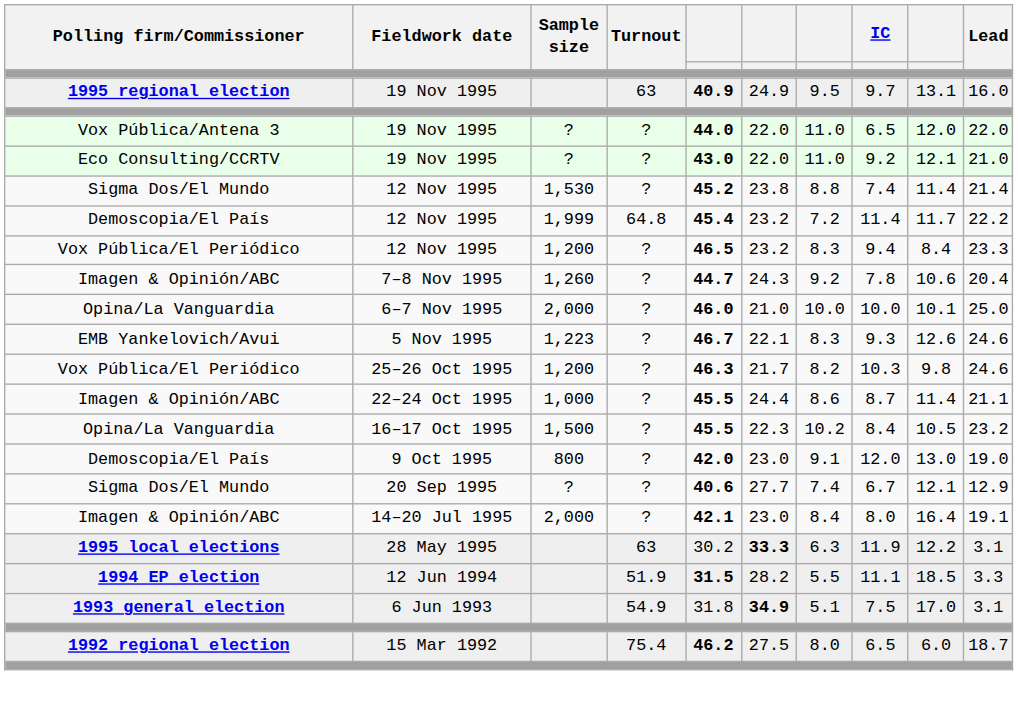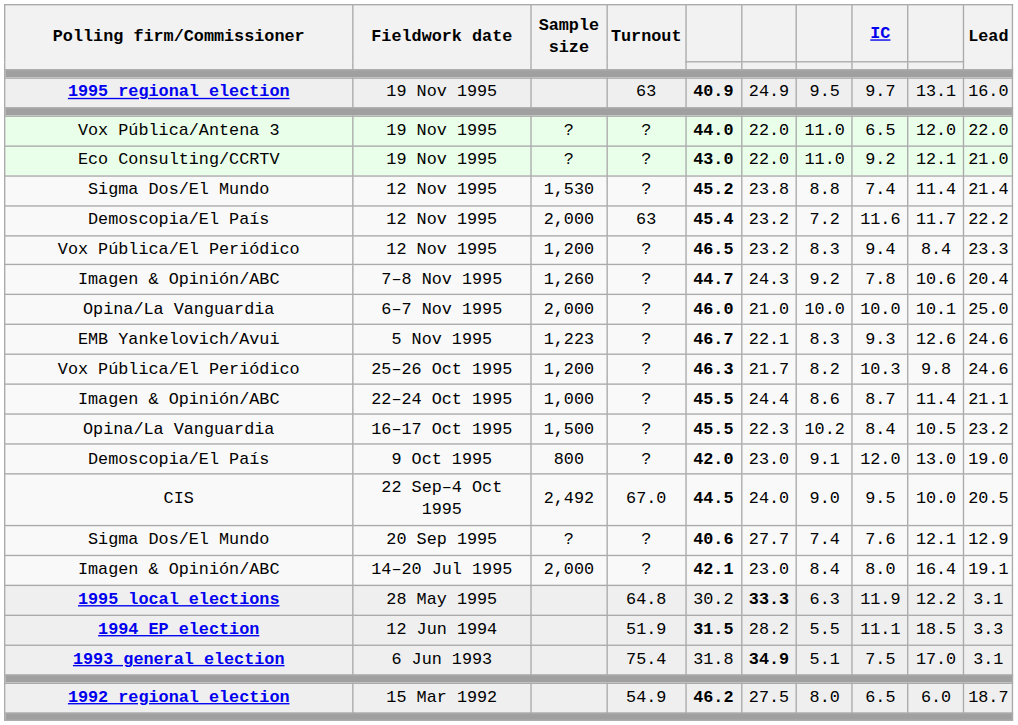 <table class="wikitable collapsible collapsed" style="text-align:center; font-size:95%; line-height:16px;">
 <tr style="height:42px;">
 <th style="width:250px;" rowspan="2">Polling firm/Commissioner</th>
 <th style="width:125px;" rowspan="2">Fieldwork date</th>
 <th style="width:50px;" rowspan="2">Sample size</th>
 <th style="width:45px;" rowspan="2">Turnout</th>
 <th style="width:35px;"></th>
 <th style="width:35px;"></th>
 <th style="width:35px;"></th>
 <th style="width:35px;"><a href='#'>IC</a></th>
 <th style="width:35px;"></th>
 <th style="width:30px;" rowspan="2">Lead</th>
 </tr>
 <tr>
 <th style="color:inherit;background:"></th>
 <th style="color:inherit;background:"></th>
 <th style="color:inherit;background:"></th>
 <th style="color:inherit;background:"></th>
 <th style="color:inherit;background:"></th>
 </tr>
 <tr>
 <td colspan="10" style="background:#A0A0A0"></td>
 </tr>
 <tr style="background:#EFEFEF;">
 <td><strong><a href='#'>1995 regional election</a></strong></td>
 <td>19 Nov 1995</td>
 <td></td>
 <td>63</td>
 <td><strong>40.9</strong><br></td>
 <td>24.9<br></td>
 <td>9.5<br></td>
 <td>9.7<br></td>
 <td>13.1<br></td>
 <td style="background:">16.0</td>
 </tr>
 <tr>
 <td colspan="10" style="background:#A0A0A0"></td>
 </tr>
 <tr style="background:#EAFFEA;">
 <td>Vox Pública/Antena 3</td>
 <td>19 Nov 1995</td>
 <td>?</td>
 <td>?</td>
 <td><strong>44.0</strong><br></td>
 <td>22.0<br></td>
 <td>11.0<br></td>
 <td>6.5<br></td>
 <td>12.0<br></td>
 <td style="background:">22.0</td>
 </tr>
 <tr style="background:#EAFFEA;">
 <td>Eco Consulting/CCRTV</td>
 <td>19 Nov 1995</td>
 <td>?</td>
 <td>?</td>
 <td><strong>43.0</strong><br></td>
 <td>22.0<br></td>
 <td>11.0<br></td>
 <td>9.2<br></td>
 <td>12.1<br></td>
 <td style="background:">21.0</td>
 </tr>
 <tr>
 <td>Sigma Dos/El Mundo</td>
 <td>12 Nov 1995</td>
 <td>1,530</td>
 <td>?</td>
 <td><strong>45.2</strong><br></td>
 <td>23.8<br></td>
 <td>8.8<br></td>
 <td>7.4<br></td>
 <td>11.4<br></td>
 <td style="background:">21.4</td>
 </tr>
 <tr>
 <td>Demoscopia/El País</td>
 <td>12 Nov 1995</td>
-<td>1,999</td>
-<td>64.8</td>
+<td>2,000</td>
+<td>63</td>
 <td><strong>45.4</strong><br></td>
 <td>23.2<br></td>
 <td>7.2<br></td>
-<td>11.4<br></td>
+<td>11.6<br></td>
 <td>11.7<br></td>
 <td style="background:">22.2</td>
 </tr>
 <tr>
 <td>Vox Pública/El Periódico</td>
 <td>12 Nov 1995</td>
 <td>1,200</td>
 <td>?</td>
 <td><strong>46.5</strong><br></td>
 <td>23.2<br></td>
 <td>8.3<br></td>
 <td>9.4<br></td>
 <td>8.4<br></td>
 <td style="background:">23.3</td>
 </tr>
 <tr>
 <td>Imagen & Opinión/ABC</td>
 <td>7–8 Nov 1995</td>
 <td>1,260</td>
 <td>?</td>
 <td><strong>44.7</strong><br></td>
 <td>24.3<br></td>
 <td>9.2<br></td>
 <td>7.8<br></td>
 <td>10.6<br></td>
 <td style="background:">20.4</td>
 </tr>
 <tr>
 <td>Opina/La Vanguardia</td>
 <td>6–7 Nov 1995</td>
 <td>2,000</td>
 <td>?</td>
 <td><strong>46.0</strong><br></td>
 <td>21.0<br></td>
 <td>10.0<br></td>
 <td>10.0<br></td>
 <td>10.1<br></td>
 <td style="background:">25.0</td>
 </tr>
 <tr>
 <td>EMB Yankelovich/Avui</td>
 <td>5 Nov 1995</td>
 <td>1,223</td>
 <td>?</td>
 <td><strong>46.7</strong><br></td>
 <td>22.1<br></td>
 <td>8.3<br></td>
 <td>9.3<br></td>
 <td>12.6<br></td>
 <td style="background:">24.6</td>
 </tr>
 <tr>
 <td>Vox Pública/El Periódico</td>
 <td>25–26 Oct 1995</td>
 <td>1,200</td>
 <td>?</td>
 <td><strong>46.3</strong><br></td>
 <td>21.7<br></td>
 <td>8.2<br></td>
 <td>10.3<br></td>
 <td>9.8<br></td>
 <td style="background:">24.6</td>
 </tr>
 <tr>
 <td>Imagen & Opinión/ABC</td>
 <td>22–24 Oct 1995</td>
 <td>1,000</td>
 <td>?</td>
 <td><strong>45.5</strong><br></td>
 <td>24.4<br></td>
 <td>8.6<br></td>
 <td>8.7<br></td>
 <td>11.4<br></td>
 <td style="background:">21.1</td>
 </tr>
 <tr>
 <td>Opina/La Vanguardia</td>
 <td>16–17 Oct 1995</td>
 <td>1,500</td>
 <td>?</td>
 <td><strong>45.5</strong><br></td>
 <td>22.3<br></td>
 <td>10.2<br></td>
 <td>8.4<br></td>
 <td>10.5<br></td>
 <td style="background:">23.2</td>
 </tr>
 <tr>
 <td>Demoscopia/El País</td>
 <td>9 Oct 1995</td>
 <td>800</td>
 <td>?</td>
 <td><strong>42.0</strong><br></td>
 <td>23.0<br></td>
 <td>9.1<br></td>
 <td>12.0<br></td>
 <td>13.0<br></td>
 <td style="background:">19.0</td>
 </tr>
 <tr>
+<td>CIS</td>
+<td>22 Sep–4 Oct 1995</td>
+<td>2,492</td>
+<td>67.0</td>
+<td><strong>44.5</strong><br></td>
+<td>24.0<br></td>
+<td>9.0<br></td>
+<td>9.5<br></td>
+<td>10.0<br></td>
+<td style="background:">20.5</td>
+</tr>
+<tr>
 <td>Sigma Dos/El Mundo</td>
 <td>20 Sep 1995</td>
 <td>?</td>
 <td>?</td>
 <td><strong>40.6</strong><br></td>
 <td>27.7<br></td>
 <td>7.4<br></td>
-<td>6.7<br></td>
+<td>7.6<br></td>
 <td>12.1<br></td>
 <td style="background:">12.9</td>
 </tr>
 <tr>
 <td>Imagen & Opinión/ABC</td>
 <td>14–20 Jul 1995</td>
 <td>2,000</td>
 <td>?</td>
 <td><strong>42.1</strong><br></td>
 <td>23.0<br></td>
 <td>8.4<br></td>
 <td>8.0<br></td>
 <td>16.4<br></td>
 <td style="background:">19.1</td>
 </tr>
 <tr style="background:#EFEFEF;">
 <td><strong><a href='#'>1995 local elections</a></strong></td>
 <td>28 May 1995</td>
 <td></td>
-<td>63</td>
+<td>64.8</td>
 <td>30.2</td>
 <td><strong>33.3</strong></td>
 <td>6.3</td>
 <td>11.9</td>
 <td>12.2</td>
 <td style="background:">3.1</td>
 </tr>
 <tr style="background:#EFEFEF;">
 <td><strong><a href='#'>1994 EP election</a></strong></td>
 <td>12 Jun 1994</td>
 <td></td>
 <td>51.9</td>
 <td><strong>31.5</strong><br></td>
 <td>28.2<br></td>
 <td>5.5<br></td>
 <td>11.1<br></td>
 <td>18.5<br></td>
 <td style="background:">3.3</td>
 </tr>
 <tr style="background:#EFEFEF;">
 <td><strong><a href='#'>1993 general election</a></strong></td>
 <td>6 Jun 1993</td>
 <td></td>
-<td>54.9</td>
+<td>75.4</td>
 <td>31.8<br></td>
 <td><strong>34.9</strong><br></td>
 <td>5.1<br></td>
 <td>7.5<br></td>
 <td>17.0<br></td>
 <td style="background:">3.1</td>
 </tr>
 <tr>
 <td colspan="10" style="background:#A0A0A0"></td>
 </tr>
 <tr style="background:#EFEFEF;">
 <td><strong><a href='#'>1992 regional election</a></strong></td>
 <td>15 Mar 1992</td>
 <td></td>
-<td>75.4</td>
+<td>54.9</td>
 <td><strong>46.2</strong><br></td>
 <td>27.5<br></td>
 <td>8.0<br></td>
 <td>6.5<br></td>
 <td>6.0<br></td>
 <td style="background:">18.7</td>
 </tr>
 <tr>
 <td colspan="10" style="background:#A0A0A0"></td>
 </tr>
 </table>
